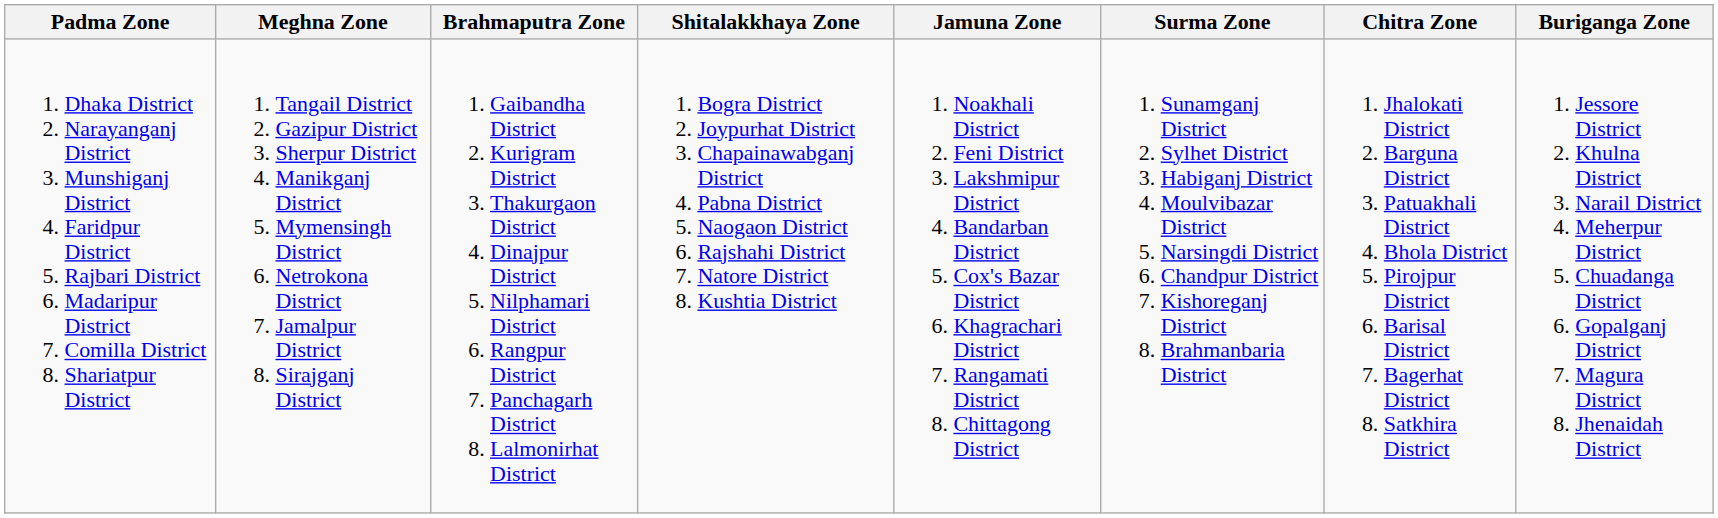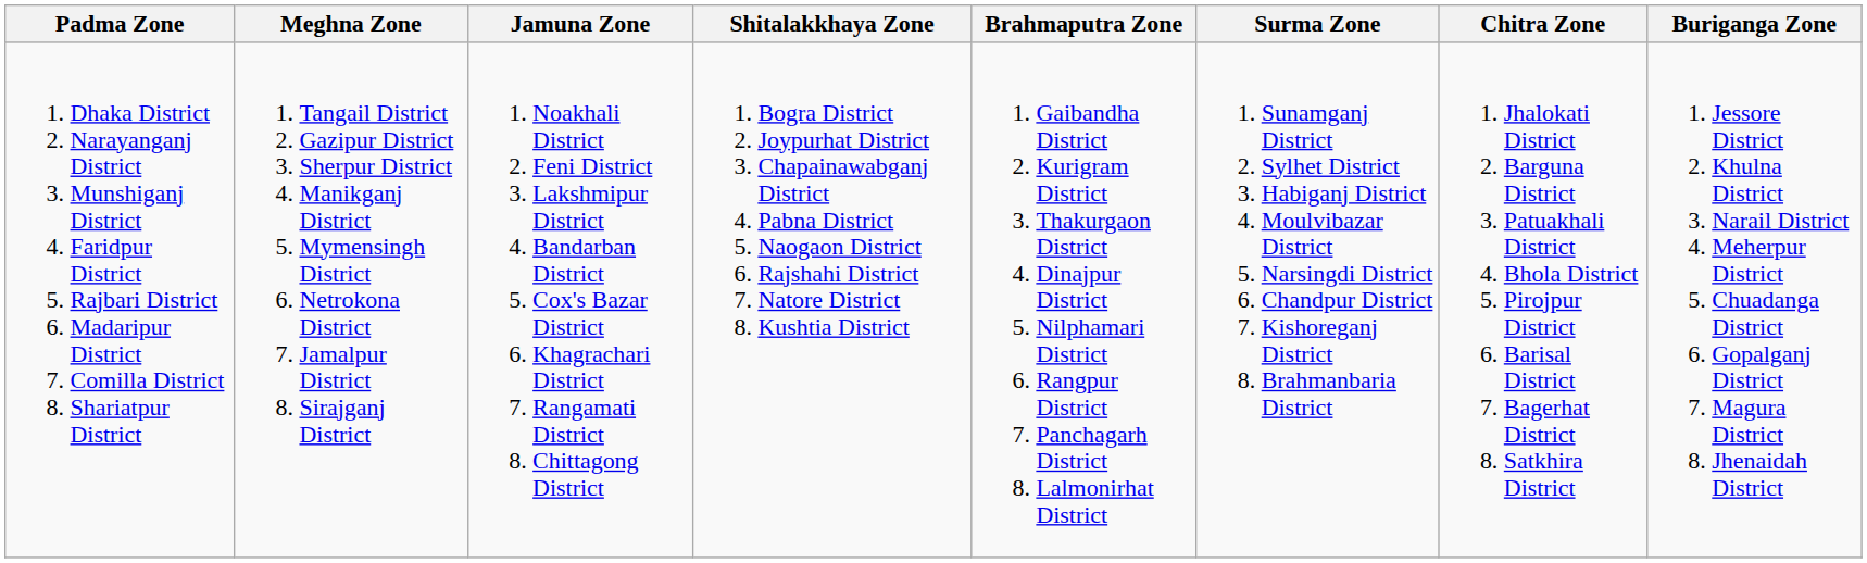 <table class="wikitable">
 <tr>
 <th>Padma Zone</th>
 <th>Meghna Zone</th>
+<th>Jamuna Zone</th>
+<th>Shitalakkhaya Zone</th>
 <th>Brahmaputra Zone</th>
-<th>Shitalakkhaya Zone</th>
-<th>Jamuna Zone</th>
 <th>Surma Zone</th>
 <th>Chitra Zone</th>
 <th>Buriganga Zone</th>
 </tr>
 <tr style="vertical-align:top">
 <td><br><ol><li><a href='#'>Dhaka District</a></li><li><a href='#'>Narayanganj District</a></li><li><a href='#'>Munshiganj District</a></li><li><a href='#'>Faridpur District</a></li><li><a href='#'>Rajbari District</a></li><li><a href='#'>Madaripur District</a></li><li><a href='#'>Comilla District</a></li><li><a href='#'>Shariatpur District</a></li></ol></td>
 <td><br><ol><li><a href='#'>Tangail District</a></li><li><a href='#'>Gazipur District</a></li><li><a href='#'>Sherpur District</a></li><li><a href='#'>Manikganj District</a></li><li><a href='#'>Mymensingh District</a></li><li><a href='#'>Netrokona District</a></li><li><a href='#'>Jamalpur District</a></li><li><a href='#'>Sirajganj District</a></li></ol></td>
+<td><br><ol><li><a href='#'>Noakhali District</a></li><li><a href='#'>Feni District</a></li><li><a href='#'>Lakshmipur District</a></li><li><a href='#'>Bandarban District</a></li><li><a href='#'>Cox's Bazar District</a></li><li><a href='#'>Khagrachari District</a></li><li><a href='#'>Rangamati District</a></li><li><a href='#'>Chittagong District</a></li></ol></td>
+<td><br><ol><li><a href='#'>Bogra District</a></li><li><a href='#'>Joypurhat District</a></li><li><a href='#'>Chapainawabganj District</a></li><li><a href='#'>Pabna District</a></li><li><a href='#'>Naogaon District</a></li><li><a href='#'>Rajshahi District</a></li><li><a href='#'>Natore District</a></li><li><a href='#'>Kushtia District</a></li></ol></td>
 <td><br><ol><li><a href='#'>Gaibandha District</a></li><li><a href='#'>Kurigram District</a></li><li><a href='#'>Thakurgaon District</a></li><li><a href='#'>Dinajpur District</a></li><li><a href='#'>Nilphamari District</a></li><li><a href='#'>Rangpur District</a></li><li><a href='#'>Panchagarh District</a></li><li><a href='#'>Lalmonirhat District</a></li></ol></td>
-<td><br><ol><li><a href='#'>Bogra District</a></li><li><a href='#'>Joypurhat District</a></li><li><a href='#'>Chapainawabganj District</a></li><li><a href='#'>Pabna District</a></li><li><a href='#'>Naogaon District</a></li><li><a href='#'>Rajshahi District</a></li><li><a href='#'>Natore District</a></li><li><a href='#'>Kushtia District</a></li></ol></td>
-<td><br><ol><li><a href='#'>Noakhali District</a></li><li><a href='#'>Feni District</a></li><li><a href='#'>Lakshmipur District</a></li><li><a href='#'>Bandarban District</a></li><li><a href='#'>Cox's Bazar District</a></li><li><a href='#'>Khagrachari District</a></li><li><a href='#'>Rangamati District</a></li><li><a href='#'>Chittagong District</a></li></ol></td>
 <td><br><ol><li><a href='#'>Sunamganj District</a></li><li><a href='#'>Sylhet District</a></li><li><a href='#'>Habiganj District</a></li><li><a href='#'>Moulvibazar District</a></li><li><a href='#'>Narsingdi District</a></li><li><a href='#'>Chandpur District</a></li><li><a href='#'>Kishoreganj District</a></li><li><a href='#'>Brahmanbaria District</a></li></ol></td>
 <td><br><ol><li><a href='#'>Jhalokati District</a></li><li><a href='#'>Barguna District</a></li><li><a href='#'>Patuakhali District</a></li><li><a href='#'>Bhola District</a></li><li><a href='#'>Pirojpur District</a></li><li><a href='#'>Barisal District</a></li><li><a href='#'>Bagerhat District</a></li><li><a href='#'>Satkhira District</a></li></ol></td>
 <td><br><ol><li><a href='#'>Jessore District</a></li><li><a href='#'>Khulna District</a></li><li><a href='#'>Narail District</a></li><li><a href='#'>Meherpur District</a></li><li><a href='#'>Chuadanga District</a></li><li><a href='#'>Gopalganj District</a></li><li><a href='#'>Magura District</a></li><li><a href='#'>Jhenaidah District</a></li></ol></td>
 </tr>
 </table>
